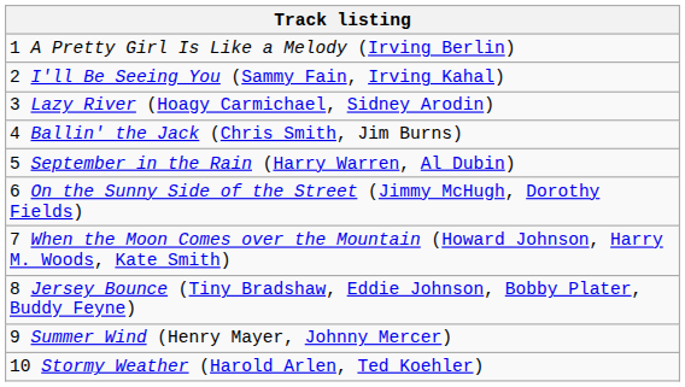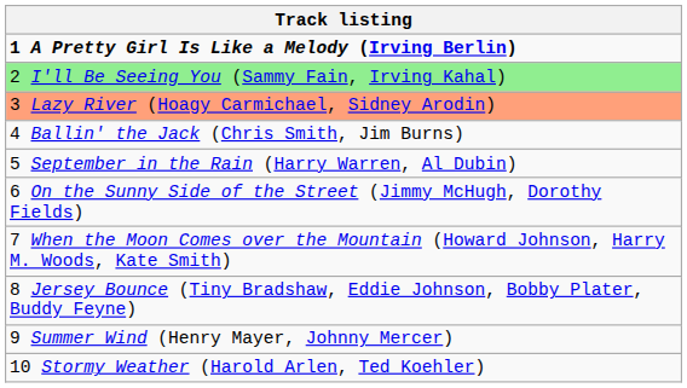 <table class="wikitable collapsible collapsed" style="width:500px;">
 <tr>
 <th>Track listing</th>
 </tr>
 <tr>
-<td>1 <em>A Pretty Girl Is Like a Melody</em> (<a href='#'>Irving Berlin</a>)</td>
+<td><strong>1 <em>A Pretty Girl Is Like a Melody</em> (<a href='#'>Irving Berlin</a>)</strong></td>
 </tr>
 <tr>
-<td>2  <em><a href='#'>I'll Be Seeing You</a></em> (<a href='#'>Sammy Fain</a>, <a href='#'>Irving Kahal</a>)</td>
+<td style="background: lightgreen;">2  <em><a href='#'>I'll Be Seeing You</a></em> (<a href='#'>Sammy Fain</a>, <a href='#'>Irving Kahal</a>)</td>
 </tr>
 <tr>
-<td>3 <em><a href='#'>Lazy River</a></em> (<a href='#'>Hoagy Carmichael</a>, <a href='#'>Sidney Arodin</a>)</td>
+<td style="background: lightsalmon;">3 <em><a href='#'>Lazy River</a></em> (<a href='#'>Hoagy Carmichael</a>, <a href='#'>Sidney Arodin</a>)</td>
 </tr>
 <tr>
 <td>4 <em><a href='#'>Ballin' the Jack</a></em> (<a href='#'>Chris Smith</a>, Jim Burns)</td>
 </tr>
 <tr>
 <td>5 <em><a href='#'>September in the Rain</a></em> (<a href='#'>Harry Warren</a>, <a href='#'>Al Dubin</a>)</td>
 </tr>
 <tr>
 <td>6 <em><a href='#'>On the Sunny Side of the Street</a></em> (<a href='#'>Jimmy McHugh</a>, <a href='#'>Dorothy Fields</a>)</td>
 </tr>
 <tr>
 <td>7 <em><a href='#'>When the Moon Comes over the Mountain</a></em> (<a href='#'>Howard Johnson</a>, <a href='#'>Harry M. Woods</a>, <a href='#'>Kate Smith</a>)</td>
 </tr>
 <tr>
 <td>8 <em><a href='#'>Jersey Bounce</a></em> (<a href='#'>Tiny Bradshaw</a>, <a href='#'>Eddie Johnson</a>, <a href='#'>Bobby Plater</a>, <a href='#'>Buddy Feyne</a>)</td>
 </tr>
 <tr>
 <td>9 <em><a href='#'>Summer Wind</a></em> (Henry Mayer, <a href='#'>Johnny Mercer</a>)</td>
 </tr>
 <tr>
 <td>10 <em><a href='#'>Stormy Weather</a></em> (<a href='#'>Harold Arlen</a>, <a href='#'>Ted Koehler</a>)</td>
 </tr>
 </table>
